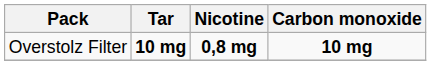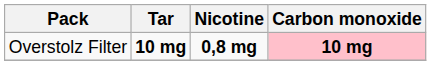 <table class="wikitable" style="font-size: 95%;text-align:center">
 <tr>
 <th>Pack</th>
 <th>Tar</th>
 <th>Nicotine</th>
 <th>Carbon monoxide</th>
 </tr>
 <tr>
 <td>Overstolz Filter</td>
 <td><strong>10 mg</strong></td>
 <td><strong>0,8 mg</strong></td>
-<td><strong>10 mg</strong></td>
+<td style="background: pink;"><strong>10 mg</strong></td>
 </tr>
 <tr>
 </tr>
 </table>
